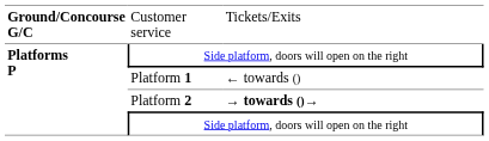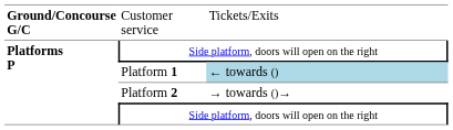 <table table border=0 cellspacing=0 cellpadding=3>
 <tr>
 <td style="border-bottom:solid 1px gray;border-top:solid 1px gray;" width=50 valign=top><strong>Ground/Concourse<br>G/C</strong></td>
 <td style="border-top:solid 1px gray;border-bottom:solid 1px gray;" width=100 valign=top>Customer service</td>
 <td style="border-top:solid 1px gray;border-bottom:solid 1px gray;" width=285 valign=top>Tickets/Exits</td>
 </tr>
 <tr>
 <td style="border-bottom:solid 1px gray;" rowspan=4 valign=top><strong>Platforms<br>P</strong></td>
 <td style="border-right:solid 2px black;border-left:solid 2px black;border-bottom:solid 2px black;text-align:center;" colspan=2><small><a href='#'>Side platform</a>, doors will open on the right</small></td>
 </tr>
 <tr>
 <td style="border-bottom:solid 1px gray;">Platform <span><strong>1</strong></span></td>
-<td style="border-bottom:solid 1px gray;">←  towards  <small>()</small></td>
+<td style="background: lightblue; border-bottom:solid 1px gray;">←  towards  <small>()</small></td>
 </tr>
 <tr>
 <td>Platform <span><strong>2</strong></span></td>
-<td><strong><span>→</span>  towards  <small>()</small>→</strong></td>
+<td><span>→</span>  towards  <small>()</small>→</td>
 </tr>
 <tr>
 <td style="border-top:solid 2px black;border-left:solid 2px black;border-right:solid 2px black;border-bottom:solid 1px gray;text-align:center;" colspan=2><small><a href='#'>Side platform</a>, doors will open on the right</small></td>
 </tr>
 </table>
